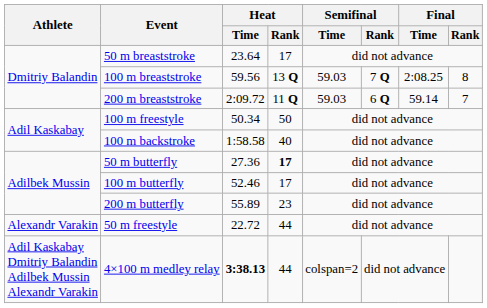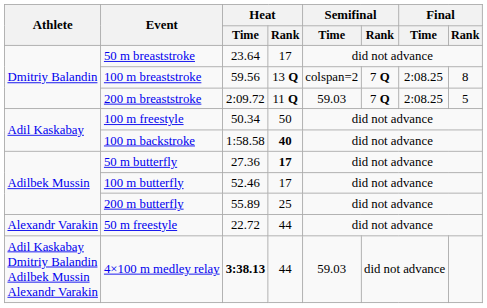 <table class="wikitable" style="text-align:center; font-size:90%">
 <tr>
 <th rowspan="2">Athlete</th>
 <th rowspan="2">Event</th>
 <th colspan="2">Heat</th>
 <th colspan="2">Semifinal</th>
 <th colspan="2">Final</th>
 </tr>
 <tr style="font-size:95%">
 <th>Time</th>
 <th>Rank</th>
 <th>Time</th>
 <th>Rank</th>
 <th>Time</th>
 <th>Rank</th>
 </tr>
 <tr>
 <td align=left rowspan=3><a href='#'>Dmitriy Balandin</a></td>
 <td align=left><a href='#'>50 m breaststroke</a></td>
 <td>23.64</td>
 <td>17</td>
 <td colspan=4>did not advance</td>
 </tr>
 <tr>
 <td align=left><a href='#'>100 m breaststroke</a></td>
 <td>59.56</td>
 <td>13 <strong>Q</strong></td>
-<td>59.03</td>
+<td>colspan=2 </td>
 <td>7 <strong>Q</strong></td>
 <td>2:08.25</td>
 <td>8</td>
 </tr>
 <tr>
 <td align=left><a href='#'>200 m breaststroke</a></td>
 <td>2:09.72</td>
 <td>11 <strong>Q</strong></td>
 <td>59.03</td>
-<td>6 <strong>Q</strong></td>
-<td>59.14</td>
-<td>7</td>
+<td>7 <strong>Q</strong></td>
+<td>2:08.25</td>
+<td>5</td>
 </tr>
 <tr>
 <td align=left rowspan=2><a href='#'>Adil Kaskabay</a></td>
 <td align=left><a href='#'>100 m freestyle</a></td>
 <td>50.34</td>
 <td>50</td>
 <td colspan=4>did not advance</td>
 </tr>
 <tr>
 <td align=left><a href='#'>100 m backstroke</a></td>
 <td>1:58.58</td>
-<td>40</td>
+<td><strong>40</strong></td>
 <td colspan=4>did not advance</td>
 </tr>
 <tr>
 <td align=left rowspan=3><a href='#'>Adilbek Mussin</a></td>
 <td align=left><a href='#'>50 m butterfly</a></td>
 <td>27.36</td>
 <td><strong>17</strong></td>
 <td colspan=4>did not advance</td>
 </tr>
 <tr>
 <td align=left><a href='#'>100 m butterfly</a></td>
 <td>52.46</td>
 <td>17</td>
 <td colspan=4>did not advance</td>
 </tr>
 <tr>
 <td align=left><a href='#'>200 m butterfly</a></td>
 <td>55.89</td>
-<td>23</td>
+<td>25</td>
 <td colspan=4>did not advance</td>
 </tr>
 <tr>
 <td align=left><a href='#'>Alexandr Varakin</a></td>
 <td align=left><a href='#'>50 m freestyle</a></td>
 <td>22.72</td>
 <td>44</td>
 <td colspan=4>did not advance</td>
 </tr>
 <tr>
 <td align=left><a href='#'>Adil Kaskabay</a><br><a href='#'>Dmitriy Balandin</a><br><a href='#'>Adilbek Mussin</a><br><a href='#'>Alexandr Varakin</a></td>
 <td align=left><a href='#'>4×100 m medley relay</a></td>
 <td><strong>3:38.13</strong></td>
 <td>44</td>
-<td>colspan=2 </td>
+<td>59.03</td>
 <td colspan=2>did not advance</td>
 </tr>
 </table>
